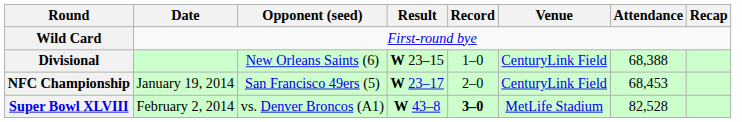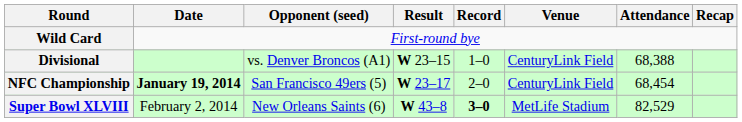 <table class="wikitable" style="text-align:center">
 <tr>
 <th>Round</th>
 <th>Date</th>
 <th>Opponent (seed)</th>
 <th>Result</th>
 <th>Record</th>
 <th>Venue</th>
 <th>Attendance</th>
 <th>Recap</th>
 </tr>
 <tr>
 <th>Wild Card</th>
 <td colspan="7"><em><a href='#'>First-round bye</a></em></td>
 </tr>
 <tr style="background:#cfc">
 <th>Divisional</th>
 <td></td>
-<td><a href='#'>New Orleans Saints</a> (6)</td>
+<td>vs. <a href='#'>Denver Broncos</a> (A1)</td>
 <td><strong>W</strong> 23–15</td>
 <td>1–0</td>
 <td><a href='#'>CenturyLink Field</a></td>
 <td>68,388</td>
 <td></td>
 </tr>
 <tr style="background:#cfc">
 <th>NFC Championship</th>
-<td>January 19, 2014</td>
+<td><strong>January 19, 2014</strong></td>
 <td><a href='#'>San Francisco 49ers</a> (5)</td>
 <td><strong>W</strong> <a href='#'>23–17</a></td>
 <td>2–0</td>
 <td><a href='#'>CenturyLink Field</a></td>
-<td>68,453</td>
+<td>68,454</td>
 <td></td>
 </tr>
 <tr style="background:#cfc">
 <th><a href='#'>Super Bowl XLVIII</a></th>
 <td>February 2, 2014</td>
-<td>vs. <a href='#'>Denver Broncos</a> (A1)</td>
+<td><a href='#'>New Orleans Saints</a> (6)</td>
 <td><strong>W</strong> <a href='#'>43–8</a></td>
 <td><strong>3–0</strong></td>
 <td><a href='#'>MetLife Stadium</a></td>
-<td>82,528</td>
+<td>82,529</td>
 <td></td>
 </tr>
 </table>
